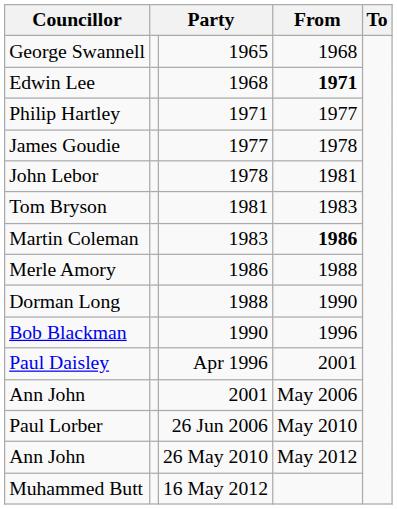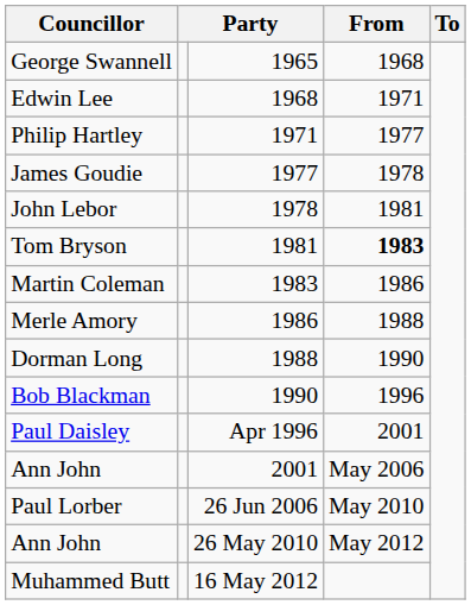 <table class=wikitable>
 <tr>
 <th>Councillor</th>
 <th colspan=2>Party</th>
 <th>From</th>
 <th>To</th>
 </tr>
 <tr>
 <td>George Swannell</td>
 <td></td>
 <td align=right>1965</td>
 <td align=right>1968</td>
 </tr>
 <tr>
 <td>Edwin Lee</td>
 <td></td>
 <td align=right>1968</td>
-<td align=right><strong>1971</strong></td>
+<td align=right>1971</td>
 </tr>
 <tr>
 <td>Philip Hartley</td>
 <td></td>
 <td align=right>1971</td>
 <td align=right>1977</td>
 </tr>
 <tr>
 <td>James Goudie</td>
 <td></td>
 <td align=right>1977</td>
 <td align=right>1978</td>
 </tr>
 <tr>
 <td>John Lebor</td>
 <td></td>
 <td align=right>1978</td>
 <td align=right>1981</td>
 </tr>
 <tr>
 <td>Tom Bryson</td>
 <td></td>
 <td align=right>1981</td>
-<td align=right>1983</td>
+<td align=right><strong>1983</strong></td>
 </tr>
 <tr>
 <td>Martin Coleman</td>
 <td></td>
 <td align=right>1983</td>
-<td align=right><strong>1986</strong></td>
+<td align=right>1986</td>
 </tr>
 <tr>
 <td>Merle Amory</td>
 <td></td>
 <td align=right>1986</td>
 <td align=right>1988</td>
 </tr>
 <tr>
 <td>Dorman Long</td>
 <td></td>
 <td align=right>1988</td>
 <td align=right>1990</td>
 </tr>
 <tr>
 <td><a href='#'>Bob Blackman</a></td>
 <td></td>
 <td align=right>1990</td>
 <td align=right>1996</td>
 </tr>
 <tr>
 <td><a href='#'>Paul Daisley</a></td>
 <td></td>
 <td align=right>Apr 1996</td>
 <td align=right>2001</td>
 </tr>
 <tr>
 <td>Ann John</td>
 <td></td>
 <td align=right>2001</td>
 <td align=right>May 2006</td>
 </tr>
 <tr>
 <td>Paul Lorber</td>
 <td></td>
 <td align=right>26 Jun 2006</td>
 <td align=right>May 2010</td>
 </tr>
 <tr>
 <td>Ann John</td>
 <td></td>
 <td align=right>26 May 2010</td>
 <td align=right>May 2012</td>
 </tr>
 <tr>
 <td>Muhammed Butt</td>
 <td></td>
 <td align=right>16 May 2012</td>
 <td></td>
 </tr>
 </table>
